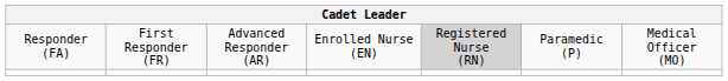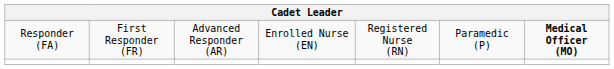 <table class="wikitable"  style="margin:0.5em auto; width:90%;">
 <tr>
 <th colspan=7>Cadet Leader</th>
 </tr>
 <tr align=center>
 <td width="14%">Responder<br>(FA)</td>
 <td width="14%">First Responder<br>(FR)</td>
 <td width="14%">Advanced Responder<br>(AR)</td>
 <td width="16%">Enrolled Nurse<br>(EN)</td>
-<td width="14%" style="background: lightgrey;">Registered Nurse<br>(RN)</td>
+<td width="14%">Registered Nurse<br>(RN)</td>
 <td width="14%">Paramedic<br>(P)</td>
-<td width="14%">Medical Officer<br>(MO)</td>
+<td width="14%"><strong>Medical Officer<br>(MO)</strong></td>
 </tr>
 <tr style="text-align:center; background: white;">
 <td></td>
 <td></td>
 <td></td>
 <td></td>
 <td></td>
 <td></td>
 <td></td>
 </tr>
 </table>
